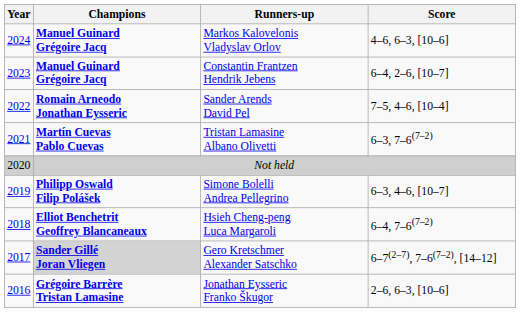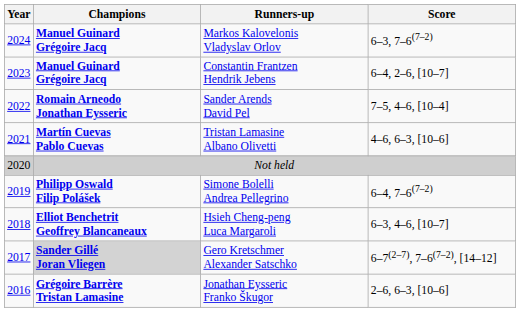 <table class="wikitable" style="font-size:90%">
 <tr>
 <th>Year</th>
 <th width="200">Champions</th>
 <th width="200">Runners-up</th>
 <th width="175">Score</th>
 </tr>
 <tr>
 <td><a href='#'>2024</a></td>
 <td> <strong><a href='#'>Manuel Guinard</a></strong><br> <strong><a href='#'>Grégoire Jacq</a></strong></td>
 <td> <a href='#'>Markos Kalovelonis</a><br> <a href='#'>Vladyslav Orlov</a></td>
-<td>4–6, 6–3, [10–6]</td>
+<td>6–3, 7–6<sup>(7–2)</sup></td>
 </tr>
 <tr>
 <td><a href='#'>2023</a></td>
 <td> <strong><a href='#'>Manuel Guinard</a></strong><br> <strong><a href='#'>Grégoire Jacq</a></strong></td>
 <td> <a href='#'>Constantin Frantzen</a><br> <a href='#'>Hendrik Jebens</a></td>
 <td>6–4, 2–6, [10–7]</td>
 </tr>
 <tr>
 <td><a href='#'>2022</a></td>
 <td> <strong><a href='#'>Romain Arneodo</a></strong><br> <strong><a href='#'>Jonathan Eysseric</a></strong></td>
 <td> <a href='#'>Sander Arends</a><br> <a href='#'>David Pel</a></td>
 <td>7–5, 4–6, [10–4]</td>
 </tr>
 <tr>
 <td><a href='#'>2021</a></td>
 <td> <strong><a href='#'>Martín Cuevas</a></strong><br> <strong><a href='#'>Pablo Cuevas</a></strong></td>
 <td> <a href='#'>Tristan Lamasine</a><br> <a href='#'>Albano Olivetti</a></td>
-<td>6–3, 7–6<sup>(7–2)</sup></td>
+<td>4–6, 6–3, [10–6]</td>
 </tr>
 <tr>
 <td style="background:#cfcfcf">2020</td>
 <td colspan=3 align=center style="background:#cfcfcf"><em>Not held</em></td>
 </tr>
 <tr>
 <td><a href='#'>2019</a></td>
 <td> <strong><a href='#'>Philipp Oswald</a></strong><br> <strong><a href='#'>Filip Polášek</a></strong></td>
 <td> <a href='#'>Simone Bolelli</a><br> <a href='#'>Andrea Pellegrino</a></td>
-<td>6–3, 4–6, [10–7]</td>
+<td>6–4, 7–6<sup>(7–2)</sup></td>
 </tr>
 <tr>
 <td><a href='#'>2018</a></td>
 <td> <strong><a href='#'>Elliot Benchetrit</a></strong><br> <strong><a href='#'>Geoffrey Blancaneaux</a></strong></td>
 <td> <a href='#'>Hsieh Cheng-peng</a><br> <a href='#'>Luca Margaroli</a></td>
-<td>6–4, 7–6<sup>(7–2)</sup></td>
+<td>6–3, 4–6, [10–7]</td>
 </tr>
 <tr>
 <td><a href='#'>2017</a></td>
 <td style="background: lightgrey;"> <strong><a href='#'>Sander Gillé</a></strong><br> <strong><a href='#'>Joran Vliegen</a></strong></td>
 <td> <a href='#'>Gero Kretschmer</a><br> <a href='#'>Alexander Satschko</a></td>
 <td>6–7<sup>(2–7)</sup>, 7–6<sup>(7–2)</sup>, [14–12]</td>
 </tr>
 <tr>
 <td><a href='#'>2016</a></td>
 <td> <strong><a href='#'>Grégoire Barrère</a></strong><br> <strong><a href='#'>Tristan Lamasine</a></strong></td>
 <td> <a href='#'>Jonathan Eysseric</a><br> <a href='#'>Franko Škugor</a></td>
 <td>2–6, 6–3, [10–6]</td>
 </tr>
 </table>
